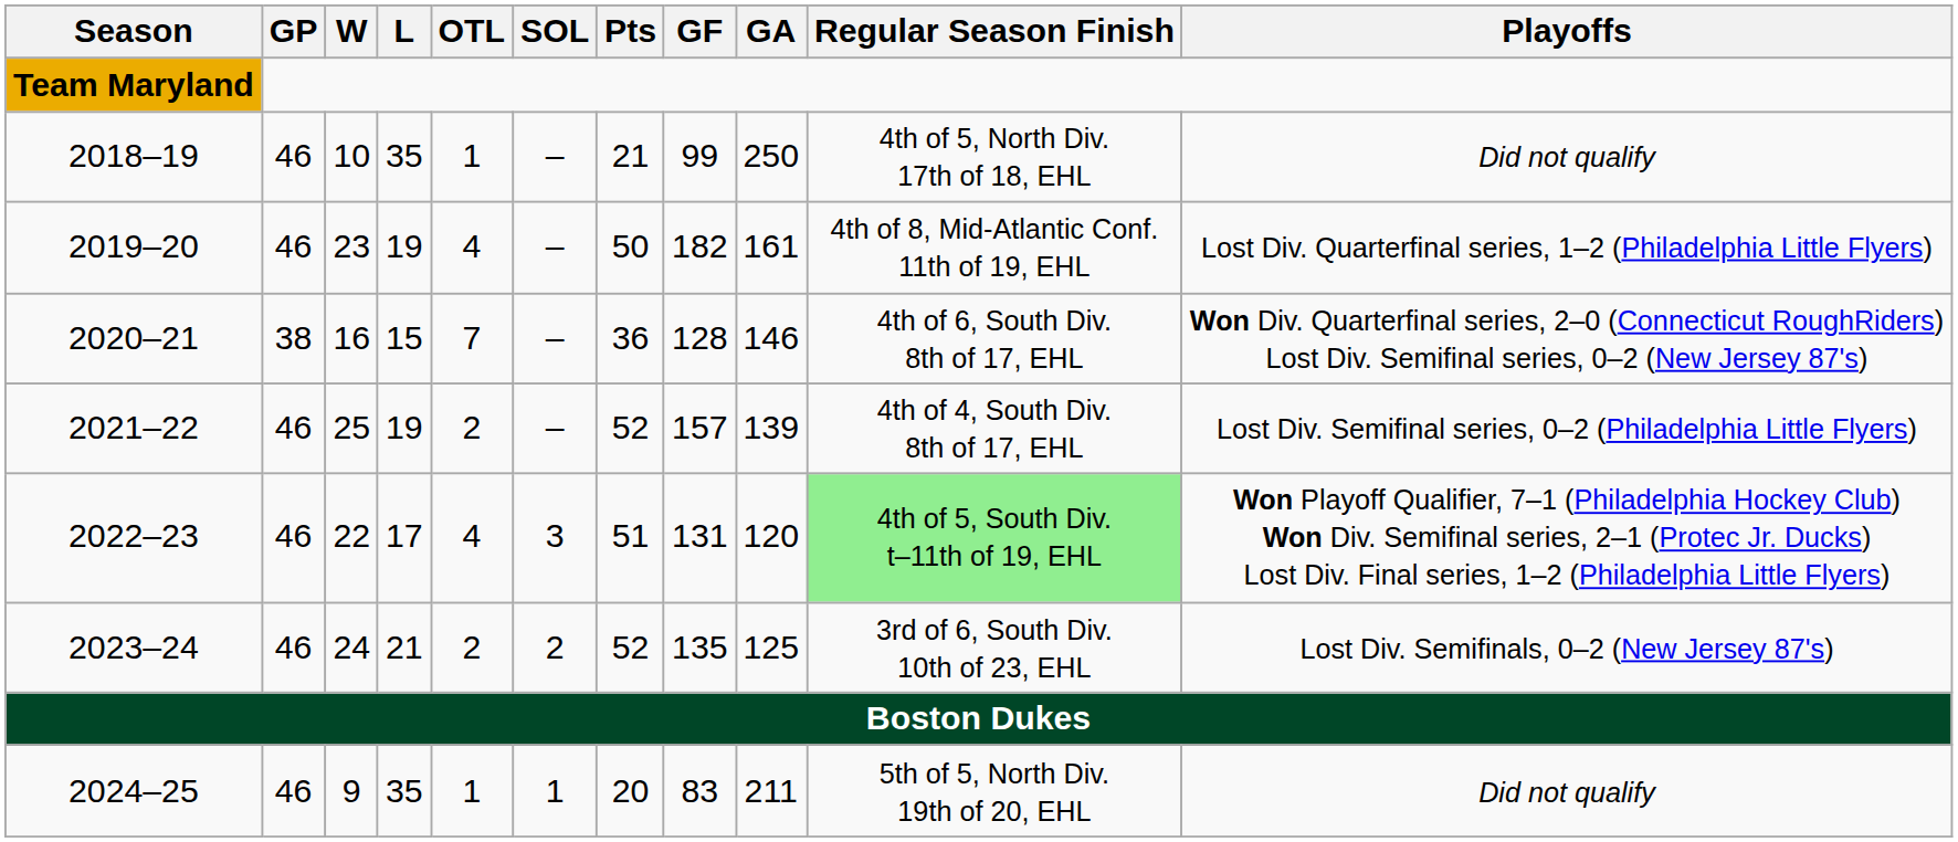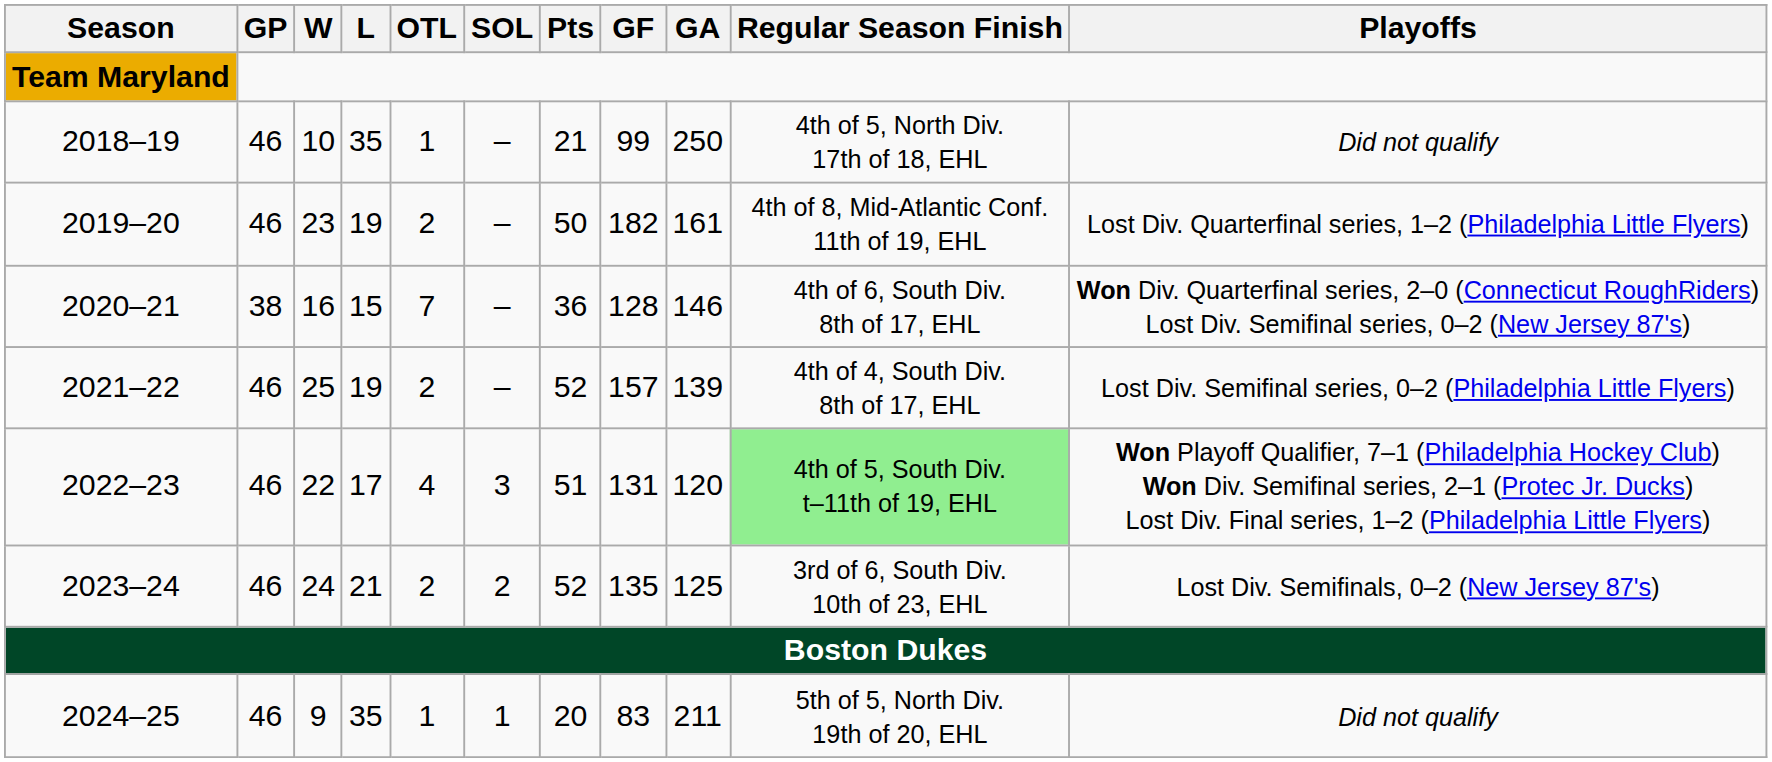 <table class="wikitable" style="text-align:center">
 <tr>
 <th>Season</th>
 <th>GP</th>
 <th>W</th>
 <th>L</th>
 <th>OTL</th>
 <th>SOL</th>
 <th>Pts</th>
 <th>GF</th>
 <th>GA</th>
 <th>Regular Season Finish</th>
 <th>Playoffs</th>
 </tr>
 <tr align="center">
 <td style="color:black; background:#EBAC00; "><strong>Team Maryland</strong></td>
 </tr>
 <tr>
 <td>2018–19</td>
 <td>46</td>
 <td>10</td>
 <td>35</td>
 <td>1</td>
 <td>–</td>
 <td>21</td>
 <td>99</td>
 <td>250</td>
 <td><small>4th of 5, North Div.<br>17th of 18, EHL</small></td>
 <td><small><em>Did not qualify</em></small></td>
 </tr>
 <tr>
 <td>2019–20</td>
 <td>46</td>
 <td>23</td>
 <td>19</td>
-<td>4</td>
+<td>2</td>
 <td>–</td>
 <td>50</td>
 <td>182</td>
 <td>161</td>
 <td><small>4th of 8, Mid-Atlantic Conf.<br>11th of 19, EHL</small></td>
 <td><small>Lost Div. Quarterfinal series, 1–2 (<a href='#'>Philadelphia Little Flyers</a>)</small></td>
 </tr>
 <tr>
 <td>2020–21</td>
 <td>38</td>
 <td>16</td>
 <td>15</td>
 <td>7</td>
 <td>–</td>
 <td>36</td>
 <td>128</td>
 <td>146</td>
 <td><small>4th of 6, South Div.<br>8th of 17, EHL</small></td>
 <td><small><strong>Won</strong> Div. Quarterfinal series, 2–0 (<a href='#'>Connecticut RoughRiders</a>)<br>Lost Div. Semifinal series, 0–2 (<a href='#'>New Jersey 87's</a>)</small></td>
 </tr>
 <tr>
 <td>2021–22</td>
 <td>46</td>
 <td>25</td>
 <td>19</td>
 <td>2</td>
 <td>–</td>
 <td>52</td>
 <td>157</td>
 <td>139</td>
 <td><small>4th of 4, South Div.<br>8th of 17, EHL</small></td>
 <td><small>Lost Div. Semifinal series, 0–2 (<a href='#'>Philadelphia Little Flyers</a>)</small></td>
 </tr>
 <tr>
 <td>2022–23</td>
 <td>46</td>
 <td>22</td>
 <td>17</td>
 <td>4</td>
 <td>3</td>
 <td>51</td>
 <td>131</td>
 <td>120</td>
 <td style="background: lightgreen;"><small>4th of 5, South Div.<br>t–11th of 19, EHL</small></td>
 <td><small><strong>Won</strong> Playoff Qualifier, 7–1 (<a href='#'>Philadelphia Hockey Club</a>)<br><strong>Won</strong> Div. Semifinal series, 2–1 (<a href='#'>Protec Jr. Ducks</a>)<br>Lost Div. Final series, 1–2 (<a href='#'>Philadelphia Little Flyers</a>)</small></td>
 </tr>
 <tr>
 <td>2023–24</td>
 <td>46</td>
 <td>24</td>
 <td>21</td>
 <td>2</td>
 <td>2</td>
 <td>52</td>
 <td>135</td>
 <td>125</td>
 <td><small>3rd of 6, South Div.<br>10th of 23, EHL</small></td>
 <td><small>Lost Div. Semifinals, 0–2 (<a href='#'>New Jersey 87's</a>)</small></td>
 </tr>
 <tr align="center">
 <td style="color:white; background:#004627"; colspan="11"><strong>Boston Dukes</strong></td>
 </tr>
 <tr>
 <td>2024–25</td>
 <td>46</td>
 <td>9</td>
 <td>35</td>
 <td>1</td>
 <td>1</td>
 <td>20</td>
 <td>83</td>
 <td>211</td>
 <td><small>5th of 5, North Div.<br>19th of 20, EHL</small></td>
 <td><small><em>Did not qualify</em></small></td>
 </tr>
 </table>
